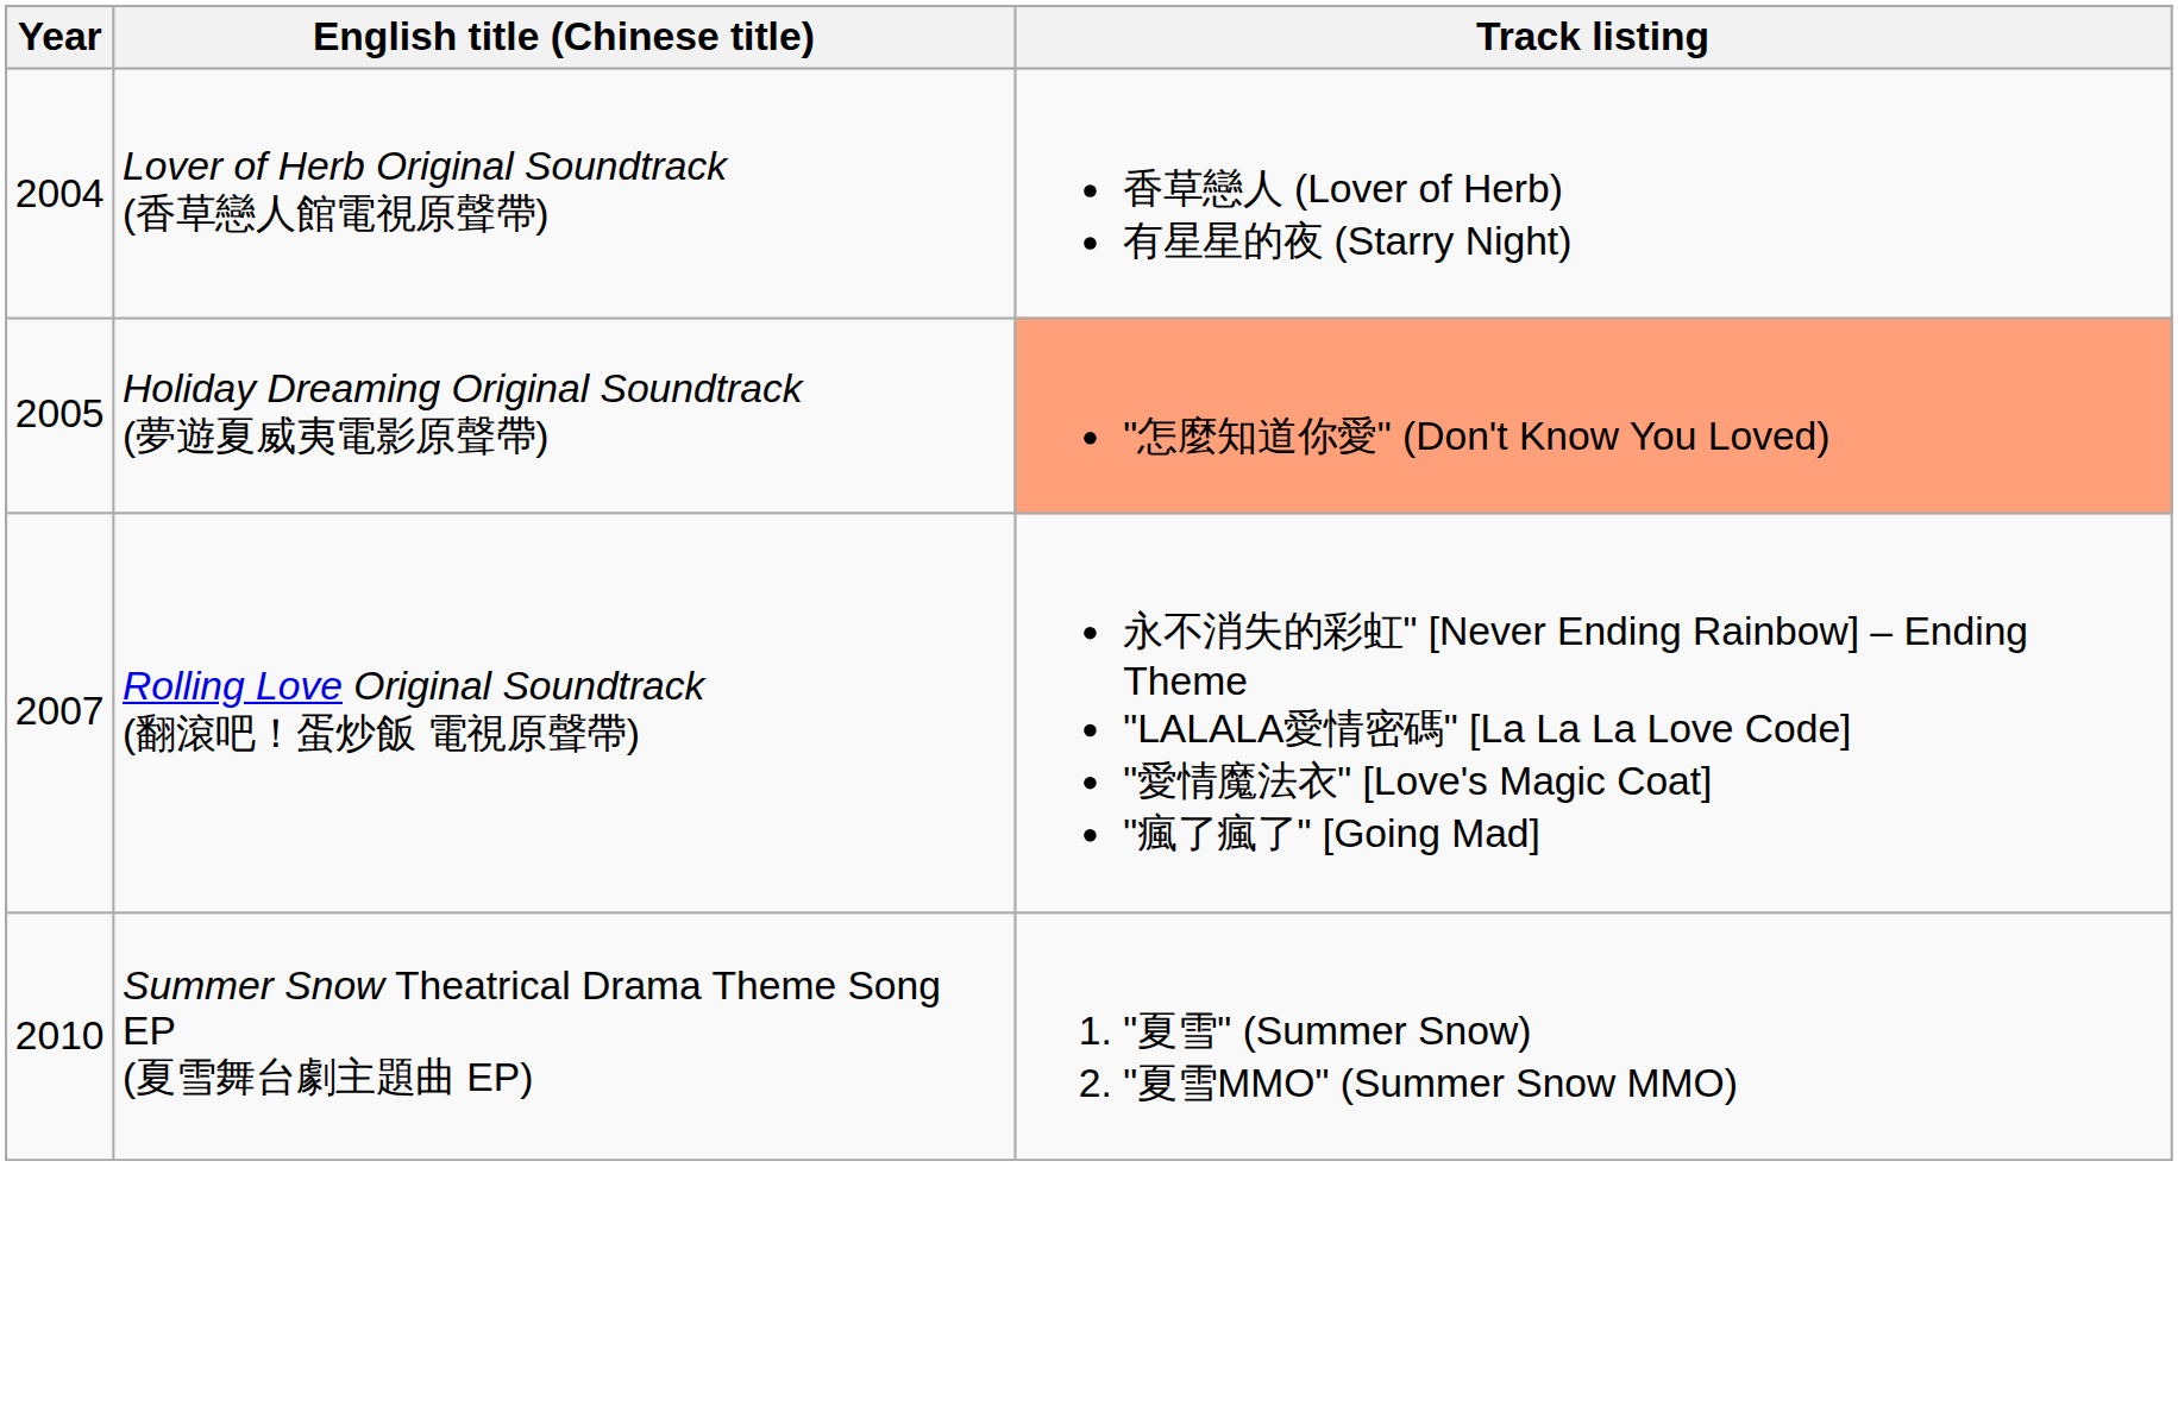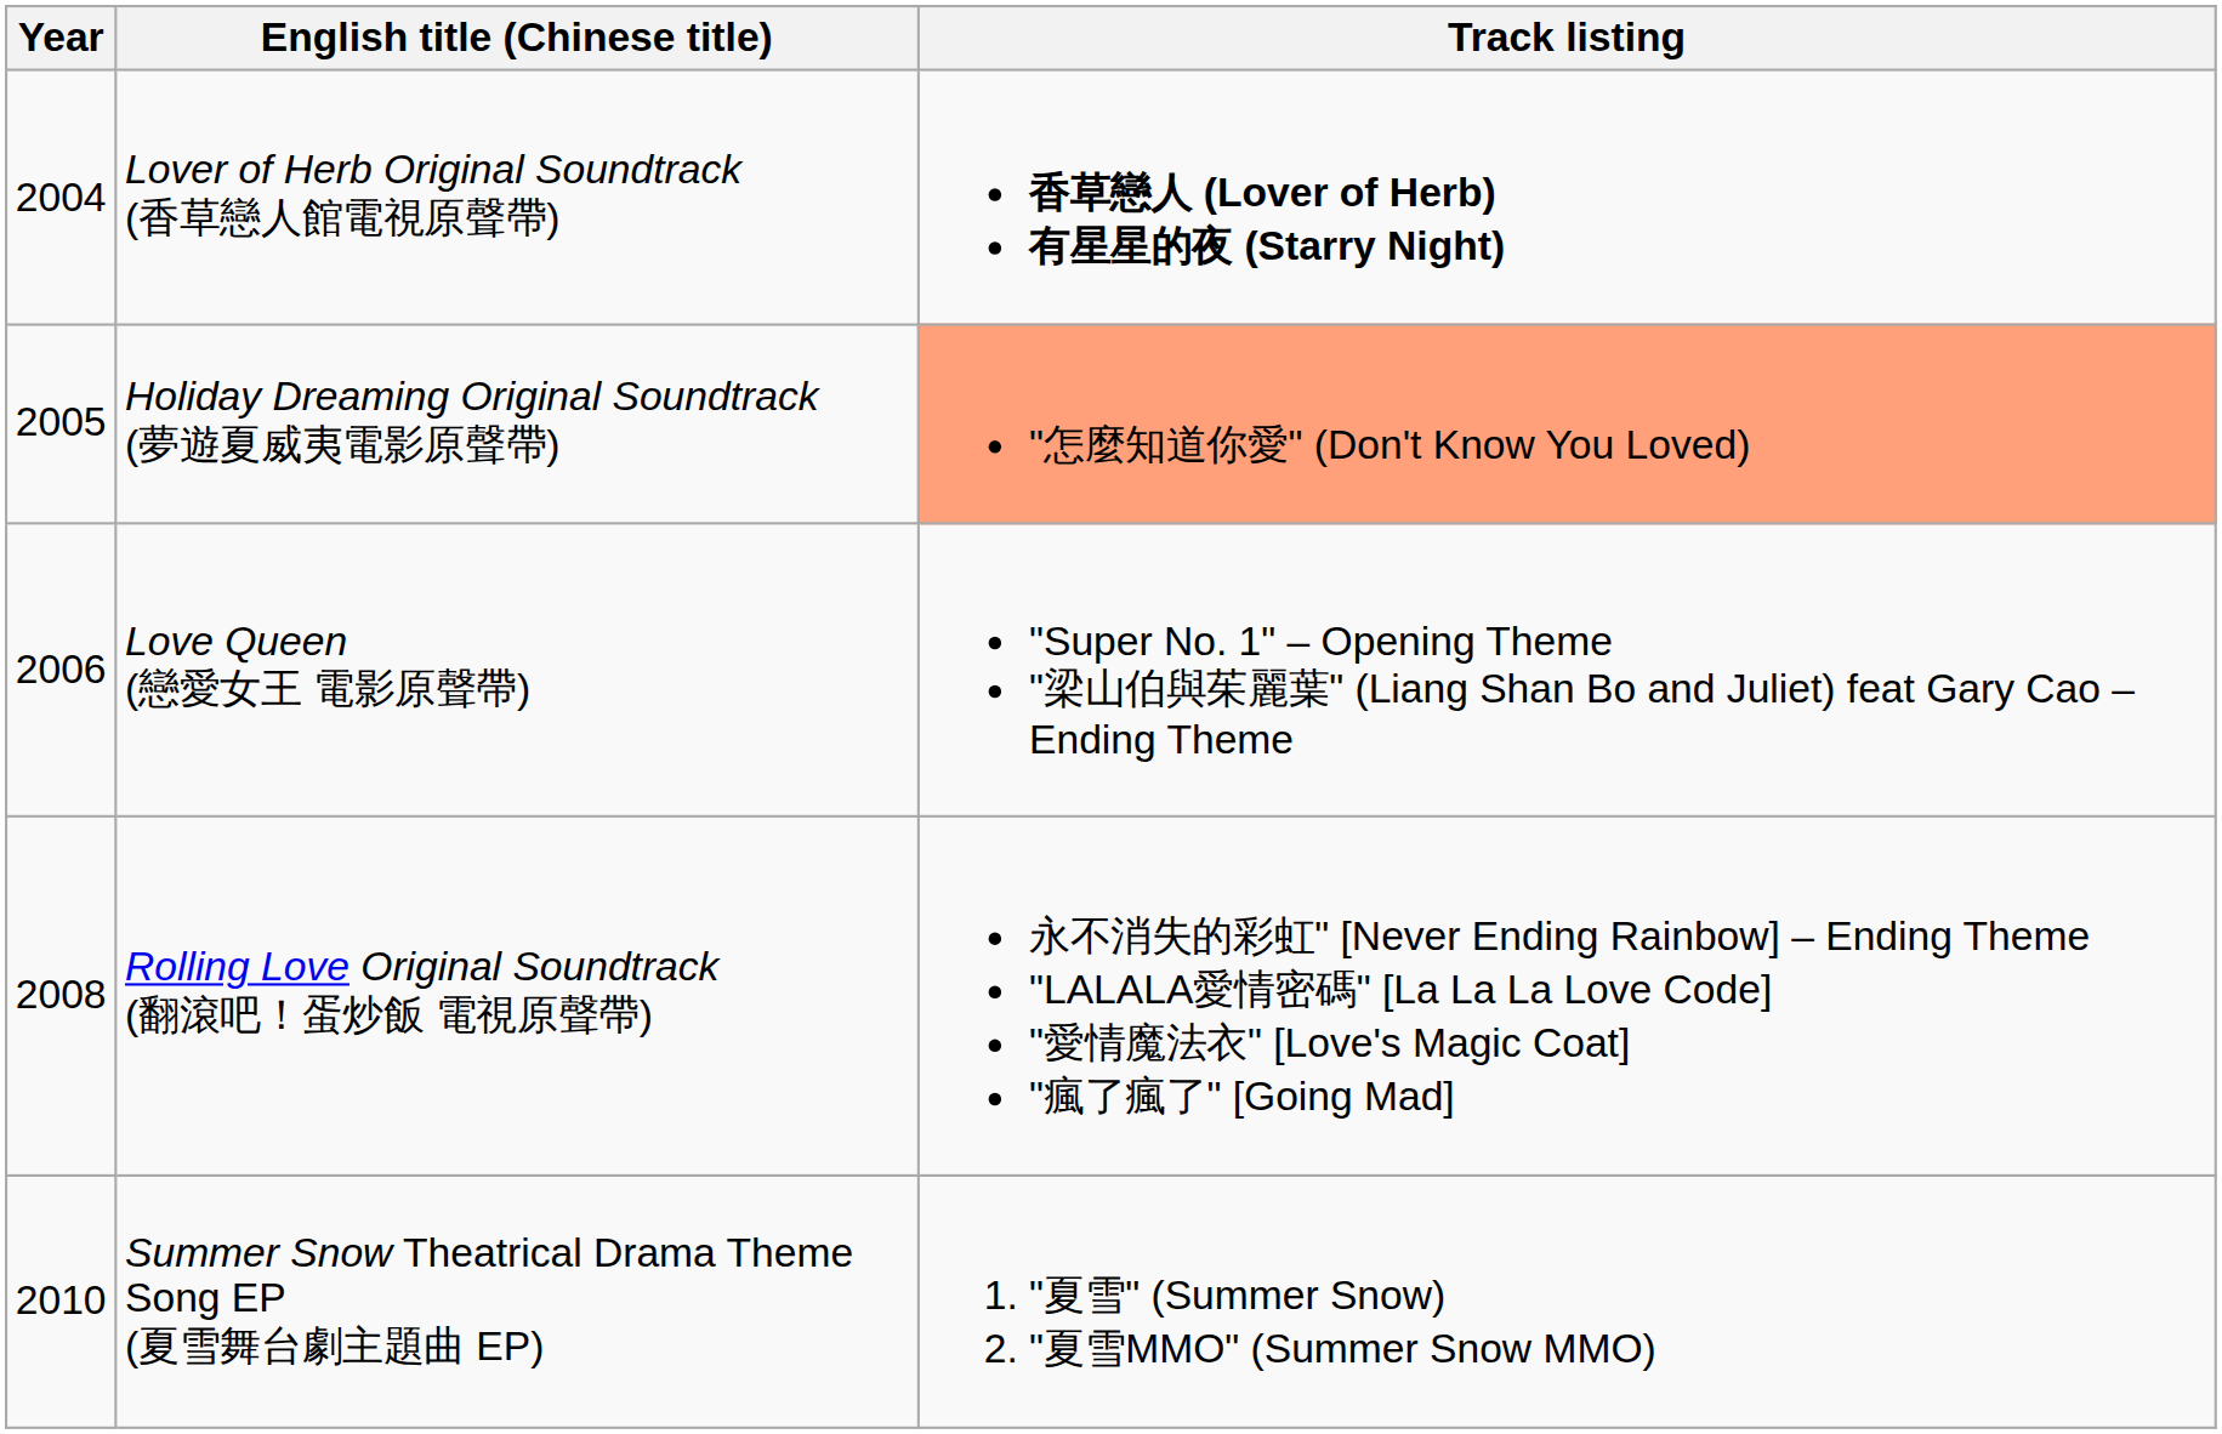 <table class="wikitable">
 <tr>
 <th>Year</th>
 <th>English title (Chinese title)</th>
 <th>Track listing</th>
 </tr>
 <tr>
 <td>2004</td>
 <td><em>Lover of Herb Original Soundtrack</em><br>(香草戀人館電視原聲帶)</td>
-<td><br><ul><li>香草戀人 (Lover of Herb)</li><li>有星星的夜 (Starry Night)</li></ul></td>
+<td><strong><br><ul><li>香草戀人 (Lover of Herb)</li><li>有星星的夜 (Starry Night)</li></ul></strong></td>
 </tr>
 <tr>
 <td>2005</td>
 <td><em>Holiday Dreaming Original Soundtrack</em><br>(夢遊夏威夷電影原聲帶)</td>
 <td style="background: lightsalmon;"><br><ul><li>"怎麼知道你愛" (Don't Know You Loved)</li></ul></td>
 </tr>
 <tr>
-<td>2007</td>
+<td>2006</td>
+<td><em>Love Queen</em><br>(戀愛女王 電影原聲帶)</td>
+<td><br><ul><li>"Super No. 1" – Opening Theme</li><li>"梁山伯與茱麗葉" (Liang Shan Bo and Juliet) feat Gary Cao – Ending Theme</li></ul></td>
+</tr>
+<tr>
+<td>2008</td>
 <td><em><a href='#'>Rolling Love</a> Original Soundtrack</em><br>(翻滾吧！蛋炒飯 電視原聲帶)</td>
 <td><br><ul><li>永不消失的彩虹" [Never Ending Rainbow] – Ending Theme</li><li>"LALALA愛情密碼" [La La La Love Code]</li><li>"愛情魔法衣" [Love's Magic Coat]</li><li>"瘋了瘋了" [Going Mad]</li></ul></td>
 </tr>
 <tr>
 <td>2010</td>
 <td><em>Summer Snow</em> Theatrical Drama Theme Song EP<br>(夏雪舞台劇主題曲 EP)</td>
 <td><br><ol><li>"夏雪" (Summer Snow)</li><li>"夏雪MMO" (Summer Snow MMO)</li></ol></td>
 </tr>
 </table>
